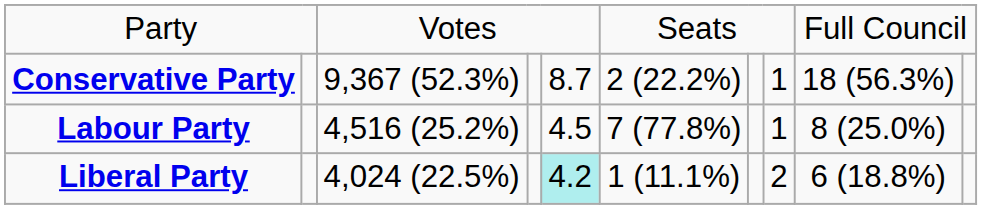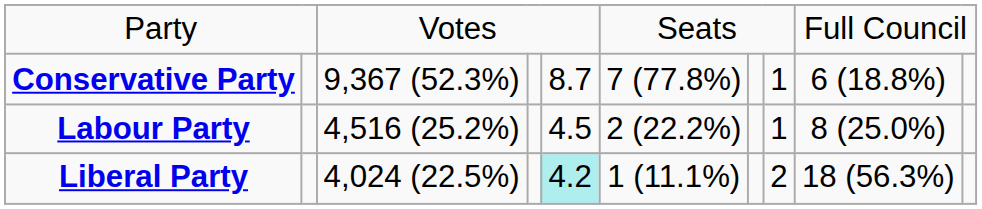 <table class=wikitable style="text-align:center;">
 <tr>
 <td colspan=2>Party</td>
 <td colspan=3>Votes</td>
 <td colspan=3>Seats</td>
 <td colspan=3>Full Council</td>
 </tr>
 <tr>
 <td><strong><a href='#'>Conservative Party</a></strong></td>
 <td style="background:"></td>
 <td>9,367 (52.3%)</td>
 <td></td>
 <td> 8.7</td>
-<td>2 (22.2%)</td>
+<td>7 (77.8%)</td>
 <td></td>
 <td> 1</td>
-<td>18 (56.3%)</td>
+<td>6 (18.8%)</td>
 <td></td>
 </tr>
 <tr>
 <td><strong><a href='#'>Labour Party</a></strong></td>
 <td style="background:"></td>
 <td>4,516 (25.2%)</td>
 <td></td>
 <td> 4.5</td>
-<td>7 (77.8%)</td>
+<td>2 (22.2%)</td>
 <td></td>
 <td> 1</td>
 <td>8 (25.0%)</td>
 <td></td>
 </tr>
 <tr>
 <td><strong><a href='#'>Liberal Party</a></strong></td>
 <td style="background:"></td>
 <td>4,024 (22.5%)</td>
 <td></td>
 <td style="background: paleturquoise;"> 4.2</td>
 <td>1 (11.1%)</td>
 <td></td>
 <td> 2</td>
-<td>6 (18.8%)</td>
+<td>18 (56.3%)</td>
 <td></td>
 </tr>
 </table>
